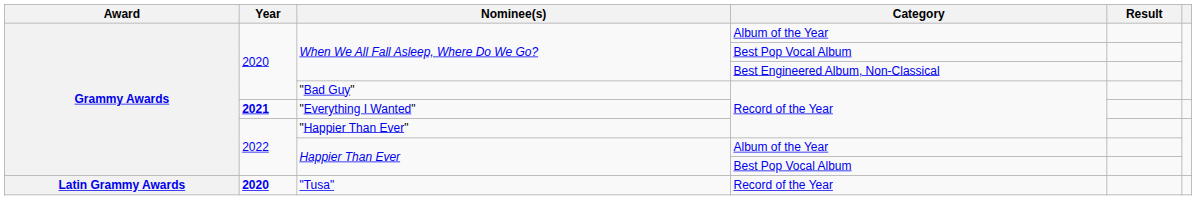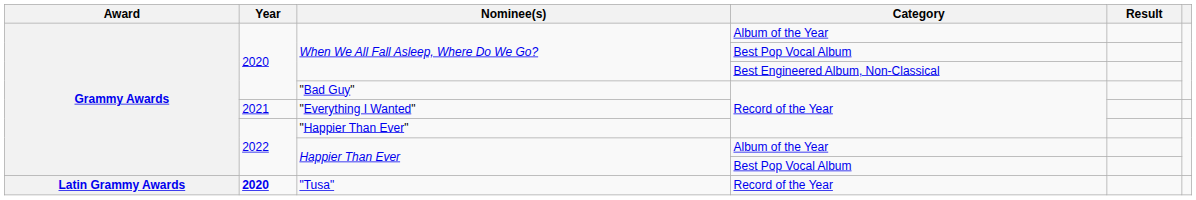 <table class="wikitable sortable plainrowheaders" style="width: 100%;">
 <tr>
 <th scope="col">Award</th>
 <th scope="col">Year</th>
 <th scope="col">Nominee(s)</th>
 <th scope="col">Category</th>
 <th scope="col">Result</th>
 <th scope="col" class="unsortable"></th>
 </tr>
 <tr>
 <th rowspan="8" scope="row"><a href='#'>Grammy Awards</a></th>
 <td rowspan="4"><a href='#'>2020</a></td>
 <td rowspan="3"><em><a href='#'>When We All Fall Asleep, Where Do We Go?</a></em></td>
 <td><a href='#'>Album of the Year</a></td>
 <td></td>
 <td rowspan="4" style="text-align:center;"></td>
 </tr>
 <tr>
 <td><a href='#'>Best Pop Vocal Album</a></td>
 <td></td>
 </tr>
 <tr>
 <td><a href='#'>Best Engineered Album, Non-Classical</a></td>
 <td></td>
 </tr>
 <tr>
 <td>"<a href='#'>Bad Guy</a>"</td>
 <td rowspan="3"><a href='#'>Record of the Year</a></td>
 <td></td>
 </tr>
 <tr>
-<td scope="row"><strong><a href='#'>2021</a></strong></td>
+<td scope="row"><a href='#'>2021</a></td>
 <td>"<a href='#'>Everything I Wanted</a>"</td>
 <td></td>
 <td style="text-align:center;"></td>
 </tr>
 <tr>
 <td rowspan="3" scope="row"><a href='#'>2022</a></td>
 <td>"<a href='#'>Happier Than Ever</a>"</td>
 <td></td>
 <td rowspan="3" style="text-align:center;"></td>
 </tr>
 <tr>
 <td rowspan="2" scope="row"><em><a href='#'>Happier Than Ever</a></em></td>
 <td><a href='#'>Album of the Year</a></td>
 <td></td>
 </tr>
 <tr>
 <td><a href='#'>Best Pop Vocal Album</a></td>
 <td></td>
 </tr>
 <tr>
 <th scope="row"><a href='#'>Latin Grammy Awards</a></th>
 <td><strong><a href='#'>2020</a></strong></td>
 <td><a href='#'>"Tusa"</a></td>
 <td><a href='#'>Record of the Year</a></td>
 <td></td>
 <td style="text-align:center;"></td>
 </tr>
 </table>
